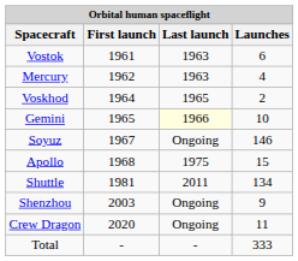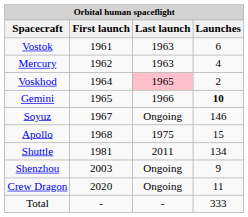 <table class=wikitable style="text-align:center; float:right; margin:2px">
 <tr bgcolor="lightgrey" style="font-size: small;">
 <td colspan="12" style="text-align:center;"><strong>Orbital human spaceflight</strong></td>
 </tr>
 <tr>
 <th>Spacecraft</th>
 <th>First launch</th>
 <th>Last launch</th>
 <th>Launches </th>
 </tr>
 <tr>
 <td><a href='#'>Vostok</a></td>
 <td>1961</td>
 <td>1963</td>
 <td>6 </td>
 </tr>
 <tr>
 <td><a href='#'>Mercury</a></td>
 <td>1962</td>
 <td>1963</td>
 <td>4 </td>
 </tr>
 <tr>
 <td><a href='#'>Voskhod</a></td>
 <td>1964</td>
-<td>1965</td>
+<td style="background: pink;">1965</td>
 <td>2 </td>
 </tr>
 <tr>
 <td><a href='#'>Gemini</a></td>
 <td>1965</td>
-<td style="background: lightyellow;">1966</td>
-<td>10 </td>
+<td>1966</td>
+<td><strong>10 </strong></td>
 </tr>
 <tr>
 <td><a href='#'>Soyuz</a></td>
 <td>1967</td>
 <td>Ongoing</td>
 <td>146</td>
 </tr>
 <tr>
 <td><a href='#'>Apollo</a></td>
 <td>1968</td>
 <td>1975</td>
 <td>15 </td>
 </tr>
 <tr>
 <td><a href='#'>Shuttle</a></td>
 <td>1981</td>
 <td>2011</td>
 <td>134 </td>
 </tr>
 <tr>
 <td><a href='#'>Shenzhou</a></td>
 <td>2003</td>
 <td>Ongoing</td>
 <td>9</td>
 </tr>
 <tr>
 <td><a href='#'>Crew Dragon</a></td>
 <td>2020</td>
 <td>Ongoing</td>
 <td>11</td>
 </tr>
 <tr>
 <td>Total</td>
 <td>-</td>
 <td>-</td>
 <td>333</td>
 </tr>
 </table>
